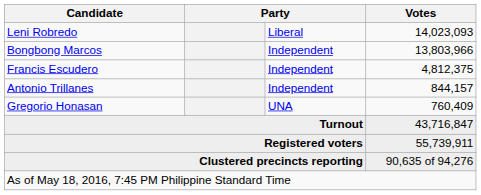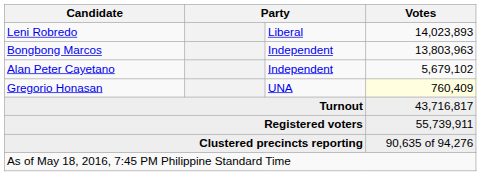 <table class="wikitable">
 <tr style="text-align:center;">
 <th style="width: 15em">Candidate</th>
 <th colspan="2" style="width: 15em">Party</th>
 <th style="width: 9em">Votes</th>
 </tr>
 <tr>
 <td><a href='#'>Leni Robredo</a></td>
 <th style="background:"></th>
 <td style="width: 130px"><a href='#'>Liberal</a></td>
-<td style="text-align:right;">14,023,093</td>
+<td style="text-align:right;">14,023,893</td>
 </tr>
 <tr>
 <td><a href='#'>Bongbong Marcos</a></td>
 <th style="background:"></th>
 <td style="width: 130px"><a href='#'>Independent</a></td>
-<td style="text-align:right;">13,803,966</td>
+<td style="text-align:right;">13,803,963</td>
 </tr>
 <tr>
-<td><a href='#'>Francis Escudero</a></td>
+<td><a href='#'>Alan Peter Cayetano</a></td>
 <th style="background:"></th>
 <td style="width: 130px"><a href='#'>Independent</a></td>
-<td style="text-align:right;">4,812,375</td>
-</tr>
-<tr>
-<td><a href='#'>Antonio Trillanes</a></td>
-<th style="background:"></th>
-<td style="width: 130px"><a href='#'>Independent</a></td>
-<td style="text-align:right;">844,157</td>
+<td style="text-align:right;">5,679,102</td>
 </tr>
 <tr>
 <td><a href='#'>Gregorio Honasan</a></td>
 <th style="background:"></th>
 <td style="width: 130px"><a href='#'>UNA</a></td>
-<td style="text-align:right;">760,409</td>
+<td style="background: lightyellow; text-align:right;">760,409</td>
 </tr>
 <tr style="background:#eee; text-align:right;">
 <td colspan="3"><strong>Turnout</strong></td>
-<td>43,716,847</td>
+<td>43,716,817</td>
 </tr>
 <tr style="background:#eee; text-align:right;">
 <td colspan="3"><strong>Registered voters</strong></td>
 <td>55,739,911</td>
 </tr>
 <tr style="background:#eee; text-align:right;">
 <td colspan="3"><strong>Clustered precincts reporting</strong></td>
 <td>90,635 of 94,276</td>
 </tr>
 <tr>
 <td colspan=4>As of May 18, 2016, 7:45 PM Philippine Standard Time</td>
 </tr>
 </table>
